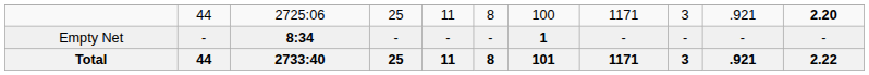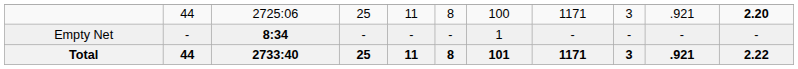 <table class="wikitable sortable" width ="1000">
 <tr align="center">
 </tr>
 <tr align="center" bgcolor="">
 <td></td>
 <td>44</td>
 <td>2725:06</td>
 <td>25</td>
 <td>11</td>
 <td>8</td>
 <td>100</td>
 <td>1171</td>
 <td>3</td>
 <td>.921</td>
 <td><strong>2.20</strong></td>
 </tr>
 <tr align="center" bgcolor="f0f0f0">
 <td>Empty Net</td>
 <td>-</td>
 <td><strong>8:34</strong></td>
 <td>-</td>
 <td>-</td>
 <td>-</td>
-<td><strong>1</strong></td>
+<td>1</td>
 <td>-</td>
 <td>-</td>
 <td>-</td>
 <td>-</td>
 </tr>
 <tr>
 <th>Total</th>
 <th>44</th>
 <th>2733:40</th>
 <th>25</th>
 <th>11</th>
 <th>8</th>
 <th>101</th>
 <th>1171</th>
 <th>3</th>
 <th>.921</th>
 <th>2.22</th>
 </tr>
 </table>
